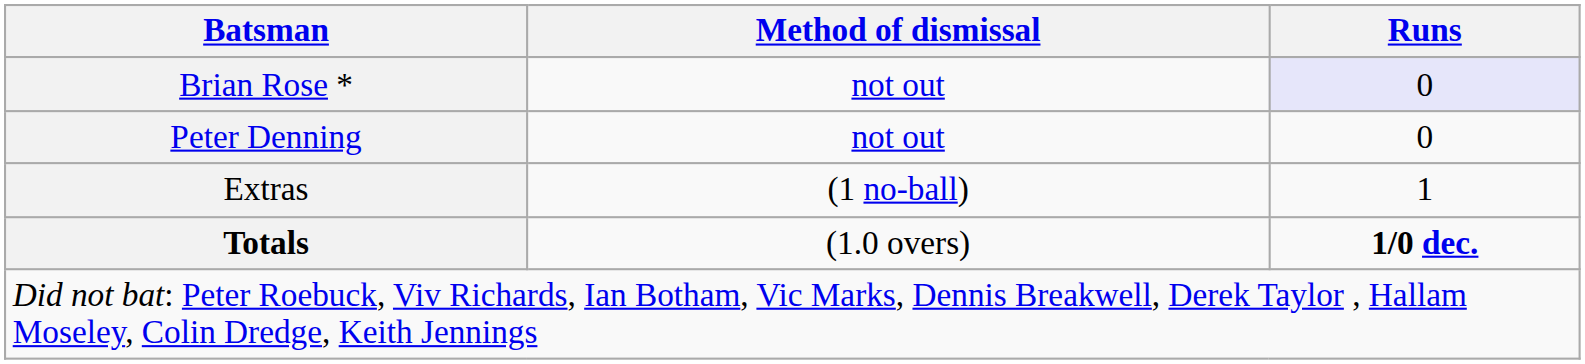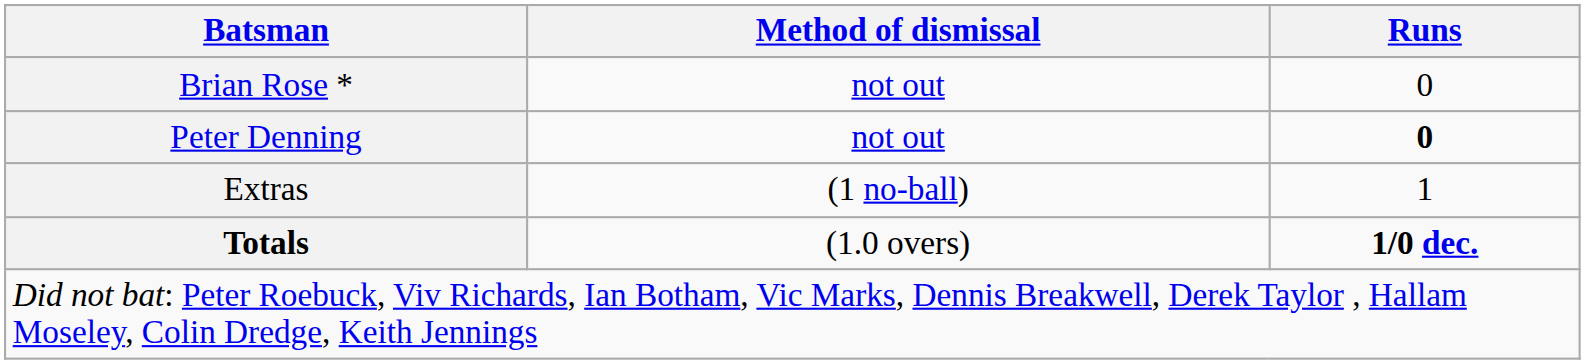 <table border="1" cellpadding="1" cellspacing="0" style="border: gray solid 1px; border-collapse: collapse; text-align: center; width: 60%;" class="wikitable">
 <tr>
 <th scope="col"><a href='#'>Batsman</a></th>
 <th scope="col"><a href='#'>Method of dismissal</a></th>
 <th scope="col"><a href='#'>Runs</a></th>
 </tr>
 <tr>
 <th scope="row" style="font-weight: normal;"><a href='#'>Brian Rose</a> *</th>
 <td><a href='#'>not out</a></td>
-<td style="background: lavender;">0</td>
+<td>0</td>
 </tr>
 <tr>
 <th scope="row" style="font-weight: normal;"><a href='#'>Peter Denning</a></th>
 <td><a href='#'>not out</a></td>
-<td>0</td>
+<td><strong>0</strong></td>
 </tr>
 <tr>
 <th scope="row" style="font-weight: normal;">Extras</th>
 <td>(1 <a href='#'>no-ball</a>)</td>
 <td>1</td>
 </tr>
 <tr>
 <th scope="row" style="font-weight: normal;"><strong>Totals</strong></th>
 <td>(1.0 overs)</td>
 <td><strong>1/0 <a href='#'>dec.</a></strong></td>
 </tr>
 <tr align="left">
 <td colspan="3"><em>Did not bat</em>: <a href='#'>Peter Roebuck</a>, <a href='#'>Viv Richards</a>, <a href='#'>Ian Botham</a>, <a href='#'>Vic Marks</a>, <a href='#'>Dennis Breakwell</a>, <a href='#'>Derek Taylor</a> , <a href='#'>Hallam Moseley</a>, <a href='#'>Colin Dredge</a>, <a href='#'>Keith Jennings</a></td>
 </tr>
 </table>
